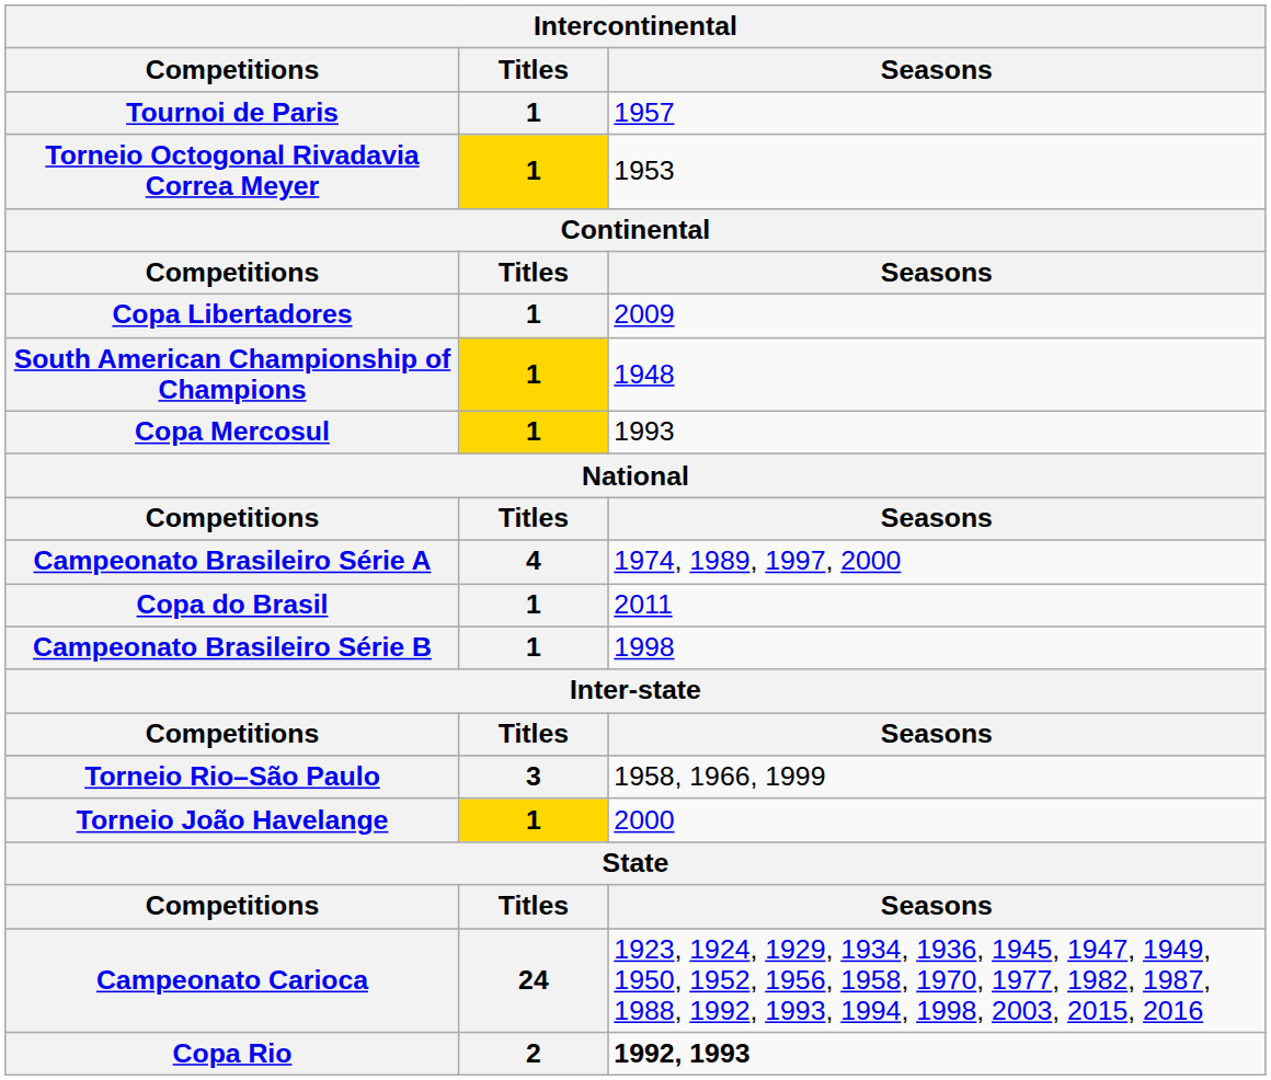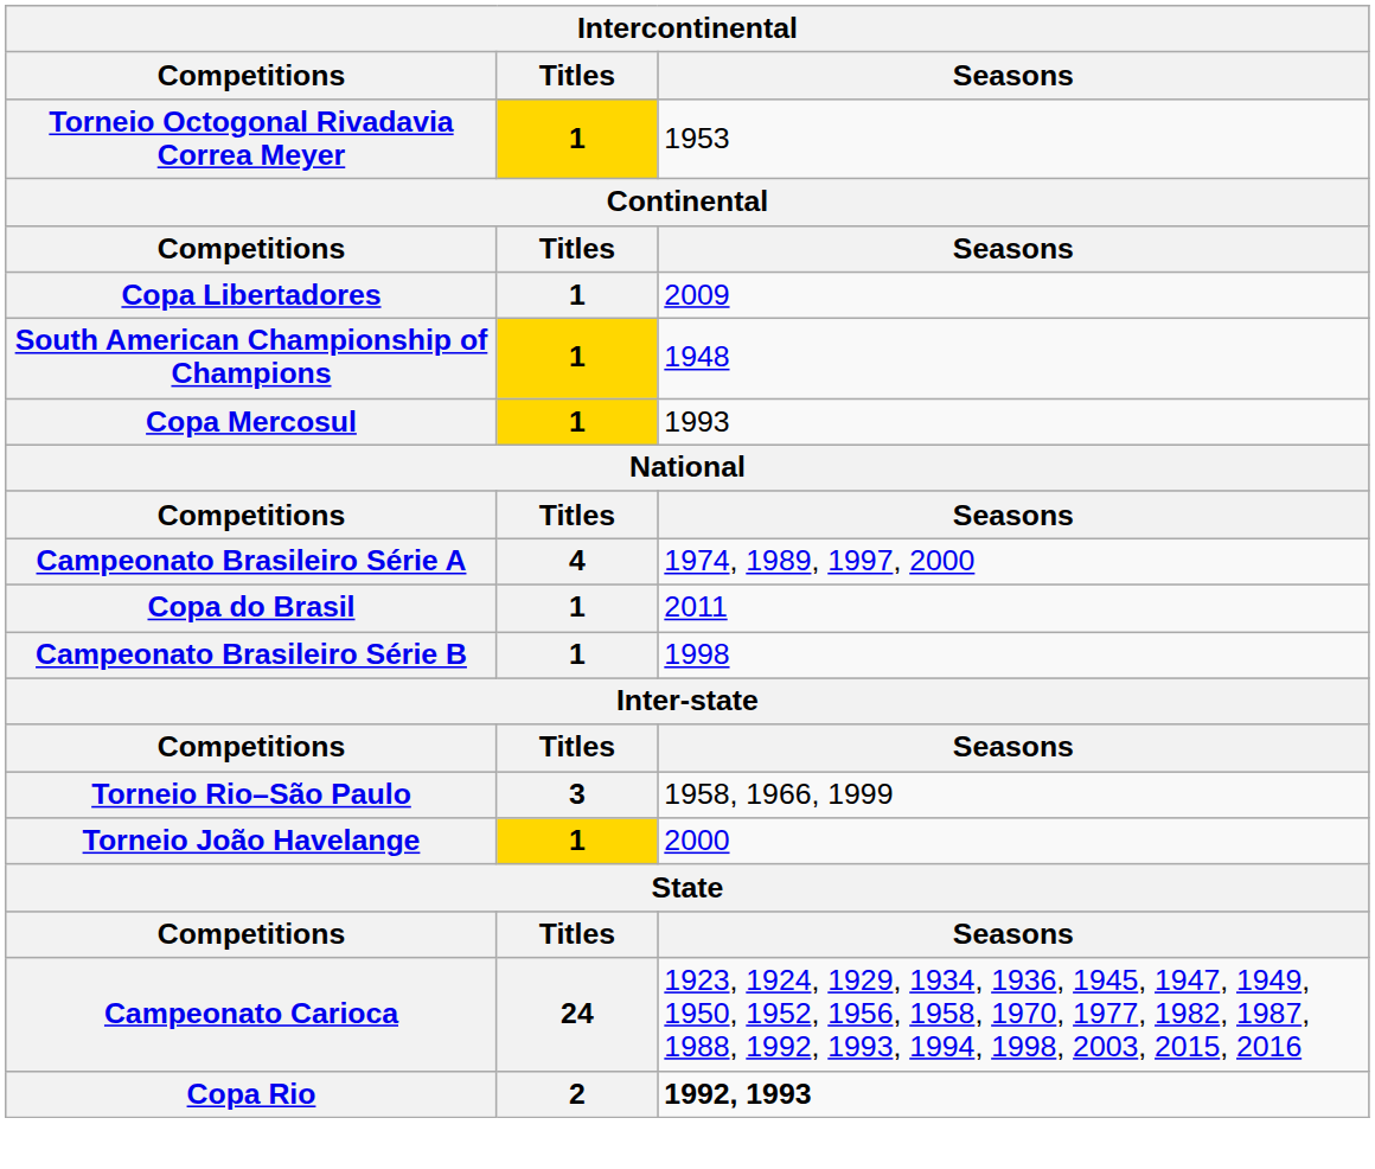 <table class="wikitable sortable”">
 <tr>
 <th colspan="3">Intercontinental</th>
 </tr>
 <tr>
 <th>Competitions</th>
 <th>Titles</th>
 <th>Seasons</th>
-</tr>
-<tr>
-<th scope="row"><a href='#'>Tournoi de Paris</a></th>
-<th>1</th>
-<td align="left"><a href='#'>1957</a></td>
 </tr>
 <tr>
 <th scope="row"><a href='#'>Torneio Octogonal Rivadavia Correa Meyer</a></th>
 <td bgcolor="gold" style="text-align:center"><strong>1</strong></td>
 <td align="left">1953</td>
 </tr>
 <tr>
 <th colspan="3”">Continental</th>
 </tr>
 <tr>
 <th style="width:260px">Competitions</th>
 <th style="width:80px">Titles</th>
 <th style="width:380px">Seasons</th>
 </tr>
 <tr>
 <th><a href='#'>Copa Libertadores</a></th>
 <th>1</th>
 <td align="left"><a href='#'>2009</a></td>
 </tr>
 <tr>
 <th scope="row"><a href='#'>South American Championship of Champions</a></th>
 <td bgcolor="gold" style="text-align:center"><strong>1</strong></td>
 <td align="left"><a href='#'>1948</a></td>
 </tr>
 <tr>
 <th scope="row"><a href='#'>Copa Mercosul</a></th>
 <td bgcolor="gold" style="text-align:center"><strong>1</strong></td>
 <td align="left">1993</td>
 </tr>
 <tr>
 <th colspan="3">National</th>
 </tr>
 <tr>
 <th style="width:260px">Competitions</th>
 <th style="width:80px">Titles</th>
 <th style="width:380px">Seasons</th>
 </tr>
 <tr>
 <th scope=row><a href='#'>Campeonato Brasileiro Série A</a></th>
 <th align="center">4</th>
 <td align="left"><a href='#'>1974</a>, <a href='#'>1989</a>, <a href='#'>1997</a>, <a href='#'>2000</a></td>
 </tr>
 <tr>
 <th scope=row><a href='#'>Copa do Brasil</a></th>
 <th align="center">1</th>
 <td align="left"><a href='#'>2011</a></td>
 </tr>
 <tr>
 <th scope=row><a href='#'>Campeonato Brasileiro Série B</a></th>
 <th align="center">1</th>
 <td><a href='#'>1998</a></td>
 </tr>
 <tr>
 <th colspan="3">Inter-state</th>
 </tr>
 <tr>
 <th style="width:260px">Competitions</th>
 <th style="width:80px">Titles</th>
 <th style="width:380px">Seasons</th>
 </tr>
 <tr>
 <th scope=row><a href='#'>Torneio Rio–São Paulo</a></th>
 <th align="center">3</th>
 <td align="left">1958, 1966, 1999</td>
 </tr>
 <tr>
 <th scope=row><a href='#'>Torneio João Havelange</a></th>
 <td bgcolor="gold" style="text-align:center"><strong>1</strong></td>
 <td align="left"><a href='#'>2000</a></td>
 </tr>
 <tr>
 <th colspan="3">State</th>
 </tr>
 <tr>
 <th style="width:260px">Competitions</th>
 <th style="width:80px">Titles</th>
 <th style="width:380px">Seasons</th>
 </tr>
 <tr>
 <th scope=row><a href='#'>Campeonato Carioca</a></th>
 <th align="center">24</th>
 <td align="left"><a href='#'>1923</a>, <a href='#'>1924</a>, <a href='#'>1929</a>, <a href='#'>1934</a>, <a href='#'>1936</a>, <a href='#'>1945</a>, <a href='#'>1947</a>, <a href='#'>1949</a>, <a href='#'>1950</a>, <a href='#'>1952</a>, <a href='#'>1956</a>, <a href='#'>1958</a>, <a href='#'>1970</a>, <a href='#'>1977</a>, <a href='#'>1982</a>, <a href='#'>1987</a>, <a href='#'>1988</a>, <a href='#'>1992</a>, <a href='#'>1993</a>, <a href='#'>1994</a>, <a href='#'>1998</a>, <a href='#'>2003</a>, <a href='#'>2015</a>, <a href='#'>2016</a></td>
 </tr>
 <tr>
 <th scope=row><a href='#'>Copa Rio</a></th>
 <th align="center">2</th>
 <td align="left"><strong>1992, 1993</strong></td>
 </tr>
 </table>
